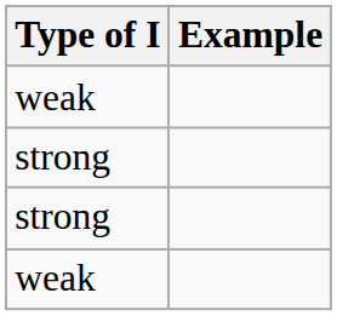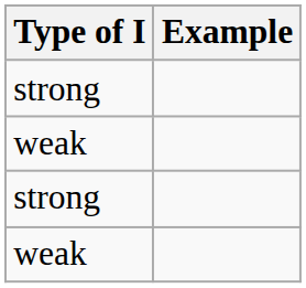 <table class="wikitable">
 <tr>
 <th>Type of I</th>
 <th>Example</th>
 </tr>
 <tr>
-<td>weak</td>
+<td>strong</td>
 <td></td>
 </tr>
 <tr>
-<td>strong</td>
+<td>weak</td>
 <td></td>
 </tr>
 <tr>
 <td>strong</td>
 <td></td>
 </tr>
 <tr>
 <td>weak</td>
 <td></td>
 </tr>
 </table>
